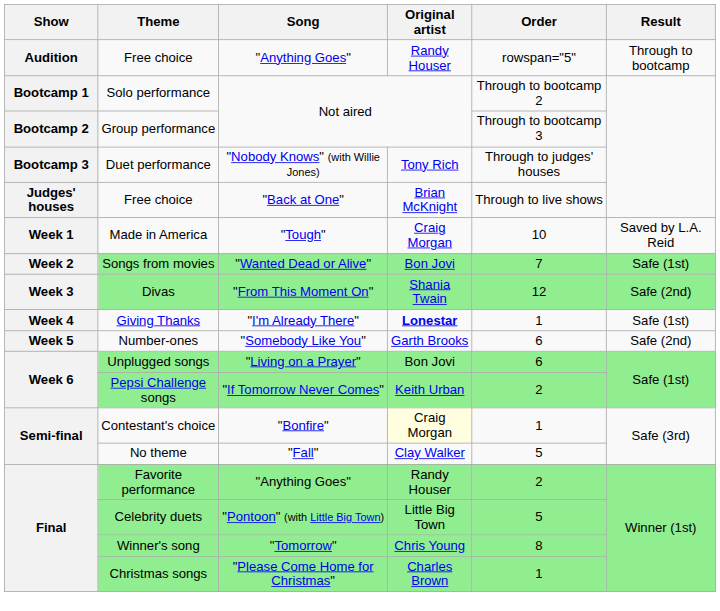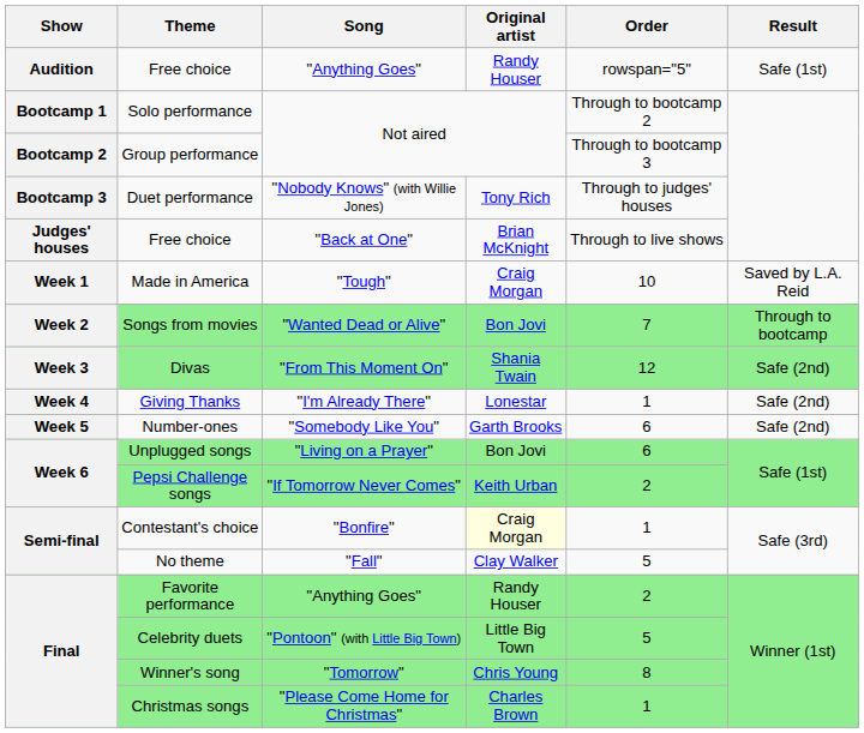 <table class="wikitable" style="text-align:center;">
 <tr>
 <th scope="col">Show</th>
 <th scope="col">Theme</th>
 <th scope="col">Song</th>
 <th scope="col">Original artist</th>
 <th scope="col">Order</th>
 <th scope="col">Result</th>
 </tr>
 <tr>
 <th scope="row">Audition</th>
 <td>Free choice</td>
 <td>"<a href='#'>Anything Goes</a>"</td>
 <td><a href='#'>Randy Houser</a></td>
 <td>rowspan="5" </td>
-<td>Through to bootcamp</td>
+<td>Safe (1st)</td>
 </tr>
 <tr>
 <th scope="row">Bootcamp 1</th>
 <td>Solo performance</td>
 <td colspan=2 rowspan=2>Not aired</td>
 <td>Through to bootcamp 2</td>
 </tr>
 <tr>
 <th scope="row">Bootcamp 2</th>
 <td>Group performance</td>
 <td>Through to bootcamp 3</td>
 </tr>
 <tr>
 <th scope="row">Bootcamp 3</th>
 <td>Duet performance</td>
 <td>"<a href='#'>Nobody Knows</a>" <small>(with Willie Jones)</small></td>
 <td><a href='#'>Tony Rich</a></td>
 <td>Through to judges' houses</td>
 </tr>
 <tr>
 <th scope="row">Judges' houses</th>
 <td>Free choice</td>
 <td>"<a href='#'>Back at One</a>"</td>
 <td><a href='#'>Brian McKnight</a></td>
 <td>Through to live shows</td>
 </tr>
 <tr>
 <th scope="row">Week 1</th>
 <td>Made in America</td>
 <td>"<a href='#'>Tough</a>"</td>
 <td><a href='#'>Craig Morgan</a></td>
 <td>10</td>
 <td>Saved by L.A. Reid</td>
 </tr>
 <tr style="background:lightgreen;">
 <th scope="row">Week 2</th>
 <td>Songs from movies</td>
 <td>"<a href='#'>Wanted Dead or Alive</a>"</td>
 <td><a href='#'>Bon Jovi</a></td>
 <td>7</td>
-<td>Safe (1st)</td>
+<td>Through to bootcamp</td>
 </tr>
 <tr style="background:lightgreen;">
 <th scope="row">Week 3</th>
 <td>Divas</td>
 <td>"<a href='#'>From This Moment On</a>"</td>
 <td><a href='#'>Shania Twain</a></td>
 <td>12</td>
 <td>Safe (2nd)</td>
 </tr>
 <tr>
 <th scope="row">Week 4</th>
 <td><a href='#'>Giving Thanks</a></td>
 <td>"<a href='#'>I'm Already There</a>"</td>
-<td><strong><a href='#'>Lonestar</a></strong></td>
+<td><a href='#'>Lonestar</a></td>
 <td>1</td>
-<td>Safe (1st)</td>
+<td>Safe (2nd)</td>
 </tr>
 <tr>
 <th scope="row">Week 5</th>
 <td>Number-ones</td>
 <td>"<a href='#'>Somebody Like You</a>"</td>
 <td><a href='#'>Garth Brooks</a></td>
 <td>6</td>
 <td>Safe (2nd)</td>
 </tr>
 <tr style="background:lightgreen;">
 <th scope="row" rowspan=2>Week 6</th>
 <td>Unplugged songs</td>
 <td>"<a href='#'>Living on a Prayer</a>"</td>
 <td>Bon Jovi</td>
 <td>6</td>
 <td rowspan=2>Safe (1st)</td>
 </tr>
 <tr style="background:lightgreen;">
 <td><a href='#'>Pepsi Challenge</a> songs</td>
 <td>"<a href='#'>If Tomorrow Never Comes</a>"</td>
 <td><a href='#'>Keith Urban</a></td>
 <td>2</td>
 </tr>
 <tr>
 <th scope="row" rowspan=2>Semi-final</th>
 <td>Contestant's choice</td>
 <td>"<a href='#'>Bonfire</a>"</td>
 <td style="background: lightyellow;">Craig Morgan</td>
 <td>1</td>
 <td rowspan="2">Safe (3rd)</td>
 </tr>
 <tr>
 <td>No theme</td>
 <td>"<a href='#'>Fall</a>"</td>
 <td><a href='#'>Clay Walker</a></td>
 <td>5</td>
 </tr>
 <tr style="background:lightgreen;">
 <th scope="row" rowspan=4>Final</th>
 <td>Favorite performance</td>
 <td>"Anything Goes" </td>
 <td>Randy Houser </td>
 <td>2</td>
 <td rowspan=4>Winner (1st)</td>
 </tr>
 <tr style="background:lightgreen;">
 <td>Celebrity duets</td>
 <td>"<a href='#'>Pontoon</a>" <small>(with <a href='#'>Little Big Town</a>)</small></td>
 <td>Little Big Town </td>
 <td>5</td>
 </tr>
 <tr style="background:lightgreen;">
 <td>Winner's song</td>
 <td>"<a href='#'>Tomorrow</a>"</td>
 <td><a href='#'>Chris Young</a></td>
 <td>8</td>
 </tr>
 <tr style="background:lightgreen;">
 <td>Christmas songs</td>
 <td>"<a href='#'>Please Come Home for Christmas</a>"</td>
 <td><a href='#'>Charles Brown</a></td>
 <td>1</td>
 </tr>
 </table>
